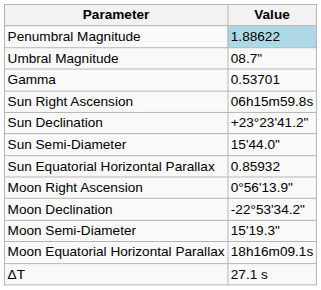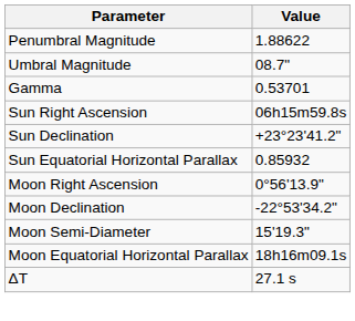 <table class="wikitable">
 <tr>
 <th>Parameter</th>
 <th>Value</th>
 </tr>
 <tr>
 <td>Penumbral Magnitude</td>
-<td style="background: lightblue;">1.88622</td>
+<td>1.88622</td>
 </tr>
 <tr>
 <td>Umbral Magnitude</td>
 <td>08.7"</td>
 </tr>
 <tr>
 <td>Gamma</td>
 <td>0.53701</td>
 </tr>
 <tr>
 <td>Sun Right Ascension</td>
 <td>06h15m59.8s</td>
 </tr>
 <tr>
 <td>Sun Declination</td>
 <td>+23°23'41.2"</td>
-</tr>
-<tr>
-<td>Sun Semi-Diameter</td>
-<td>15'44.0"</td>
 </tr>
 <tr>
 <td>Sun Equatorial Horizontal Parallax</td>
 <td>0.85932</td>
 </tr>
 <tr>
 <td>Moon Right Ascension</td>
 <td>0°56'13.9"</td>
 </tr>
 <tr>
 <td>Moon Declination</td>
 <td>-22°53'34.2"</td>
 </tr>
 <tr>
 <td>Moon Semi-Diameter</td>
 <td>15'19.3"</td>
 </tr>
 <tr>
 <td>Moon Equatorial Horizontal Parallax</td>
 <td>18h16m09.1s</td>
 </tr>
 <tr>
 <td>ΔT</td>
 <td>27.1 s</td>
 </tr>
 </table>
